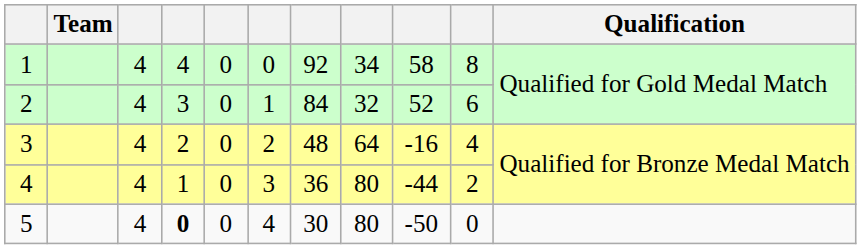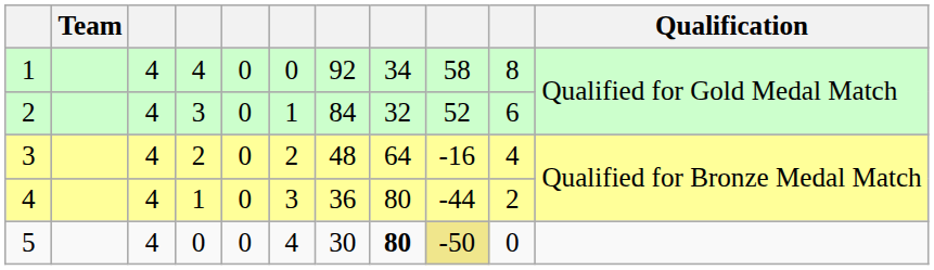 <table class="wikitable" style="text-align:center;">
 <tr>
 <th width="20"></th>
 <th>Team</th>
 <th width="20"></th>
 <th width="20"></th>
 <th width="20"></th>
 <th width="20"></th>
 <th width="25"></th>
 <th width="25"></th>
 <th width="30"></th>
 <th width="20"></th>
 <th>Qualification</th>
 </tr>
 <tr style="background: #ccffcc;">
 <td>1</td>
 <td align=left></td>
 <td>4</td>
 <td>4</td>
 <td>0</td>
 <td>0</td>
 <td>92</td>
 <td>34</td>
 <td>58</td>
 <td>8</td>
 <td rowspan=2 align=left>Qualified for Gold Medal Match</td>
 </tr>
 <tr style="background: #ccffcc;">
 <td>2</td>
 <td align=left></td>
 <td>4</td>
 <td>3</td>
 <td>0</td>
 <td>1</td>
 <td>84</td>
 <td>32</td>
 <td>52</td>
 <td>6</td>
 </tr>
 <tr style="background: #FFFF99">
 <td>3</td>
 <td align=left></td>
 <td>4</td>
 <td>2</td>
 <td>0</td>
 <td>2</td>
 <td>48</td>
 <td>64</td>
 <td>-16</td>
 <td>4</td>
 <td rowspan=2 align=left>Qualified for Bronze Medal Match</td>
 </tr>
 <tr style="background: #FFFF99">
 <td>4</td>
 <td align=left></td>
 <td>4</td>
 <td>1</td>
 <td>0</td>
 <td>3</td>
 <td>36</td>
 <td>80</td>
 <td>-44</td>
 <td>2</td>
 </tr>
 <tr>
 <td>5</td>
 <td align=left></td>
 <td>4</td>
-<td><strong>0</strong></td>
+<td>0</td>
 <td>0</td>
 <td>4</td>
 <td>30</td>
-<td>80</td>
-<td>-50</td>
+<td><strong>80</strong></td>
+<td style="background: khaki;">-50</td>
 <td>0</td>
 <td></td>
 </tr>
 </table>
